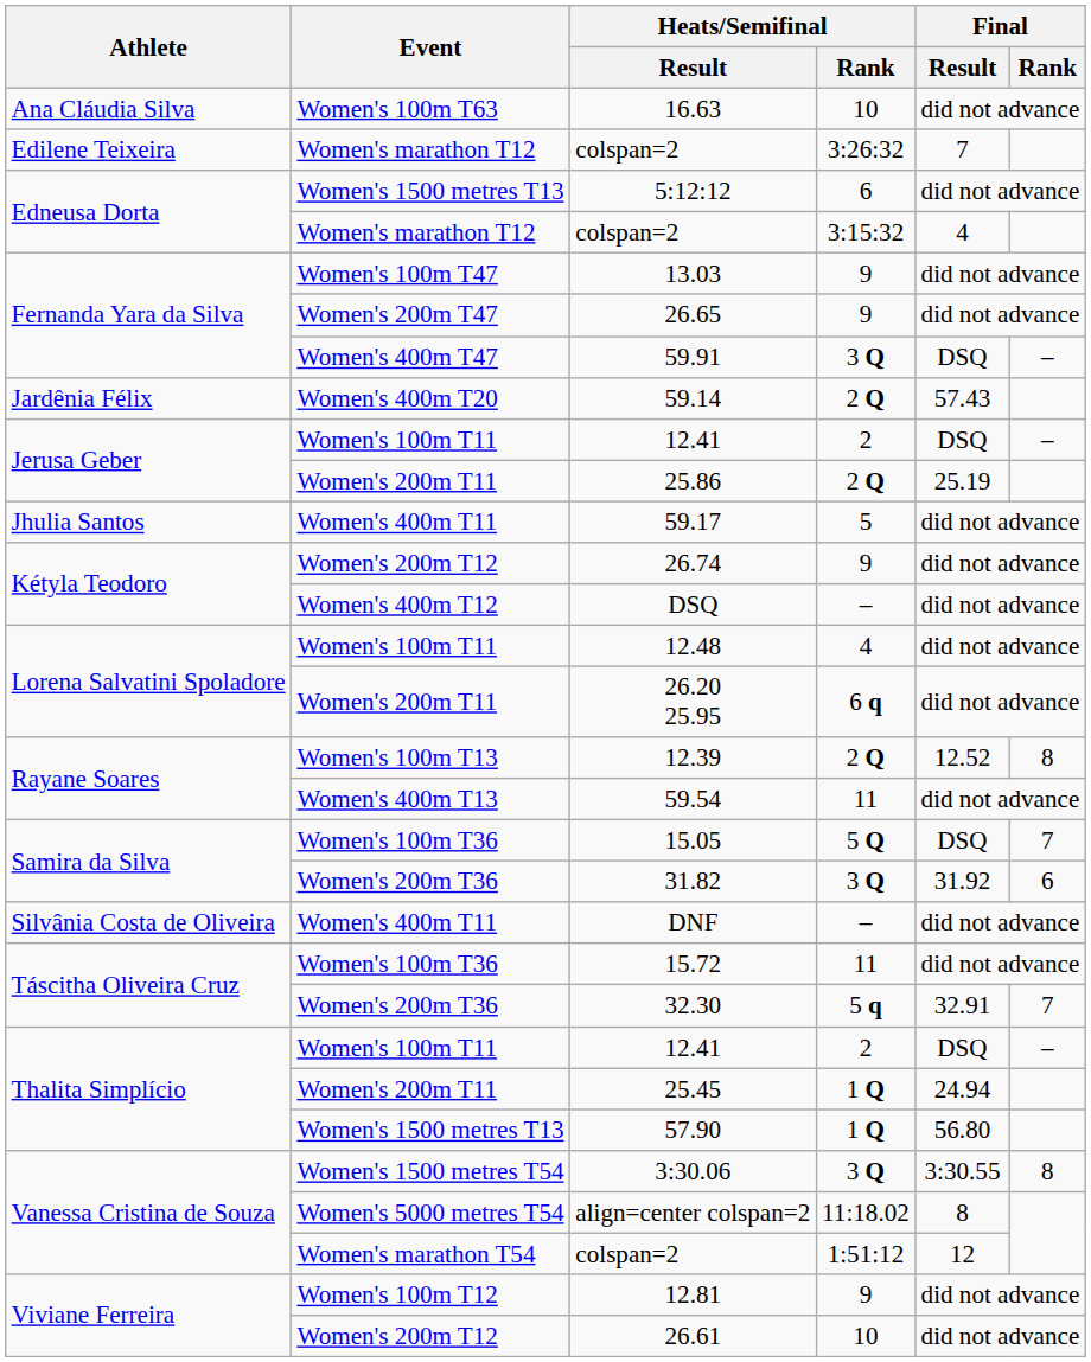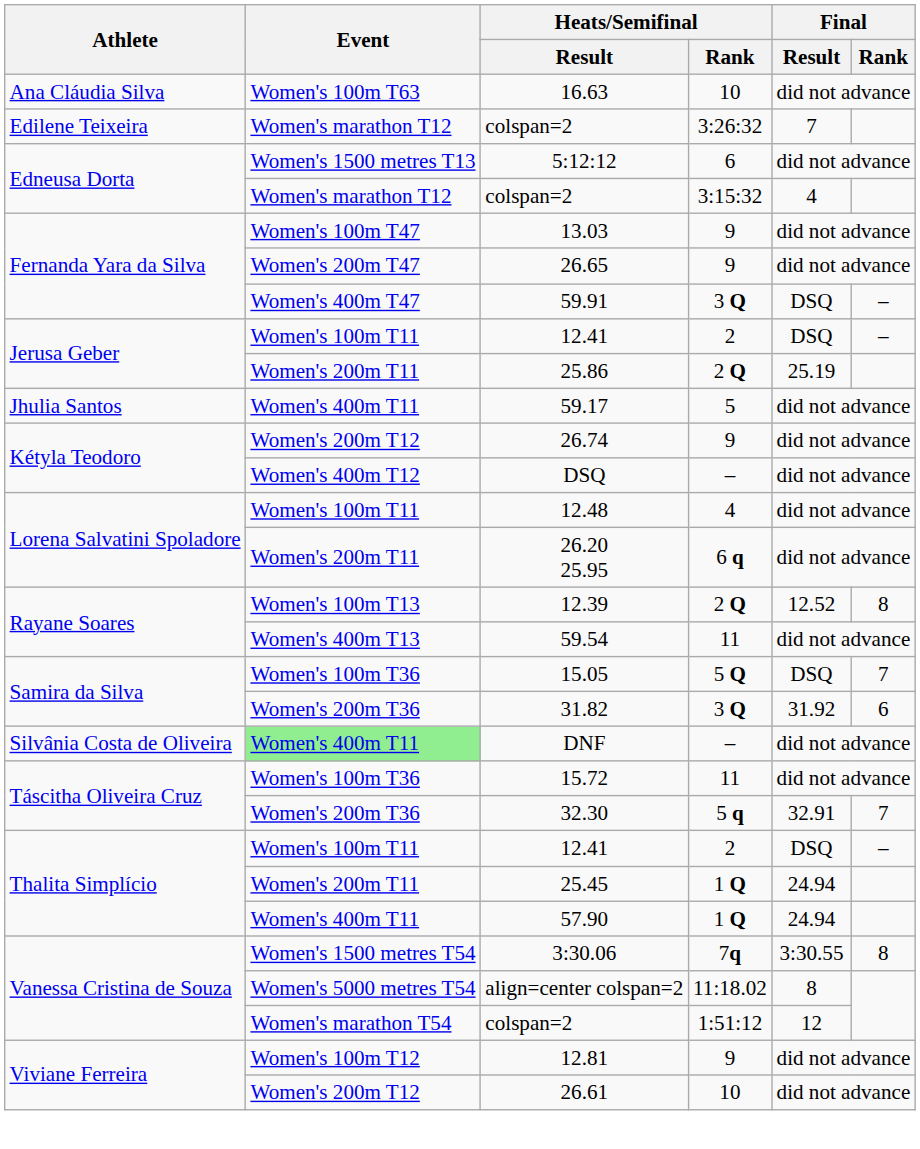 <table class=wikitable style="font-size:95%">
 <tr>
 <th rowspan="2">Athlete</th>
 <th rowspan="2">Event</th>
 <th colspan="2">Heats/Semifinal</th>
 <th colspan="2">Final</th>
 </tr>
 <tr>
 <th>Result</th>
 <th>Rank</th>
 <th>Result</th>
 <th>Rank</th>
 </tr>
 <tr>
 <td><a href='#'>Ana Cláudia Silva</a></td>
 <td><a href='#'>Women's 100m T63</a></td>
 <td align=center>16.63</td>
 <td align=center>10</td>
 <td align=center colspan=2>did not advance</td>
 </tr>
 <tr>
 <td><a href='#'>Edilene Teixeira</a></td>
 <td><a href='#'>Women's marathon T12</a></td>
 <td>colspan=2 </td>
 <td align=center>3:26:32</td>
 <td align=center>7</td>
 </tr>
 <tr>
 <td rowspan=2><a href='#'>Edneusa Dorta</a></td>
 <td><a href='#'>Women's 1500 metres T13</a></td>
 <td align=center>5:12:12</td>
 <td align=center>6</td>
 <td align=center colspan=2>did not advance</td>
 </tr>
 <tr>
 <td><a href='#'>Women's marathon T12</a></td>
 <td>colspan=2 </td>
 <td align=center>3:15:32</td>
 <td align=center>4</td>
 </tr>
 <tr>
 <td rowspan=3><a href='#'>Fernanda Yara da Silva</a></td>
 <td><a href='#'>Women's 100m T47</a></td>
 <td align=center>13.03</td>
 <td align=center>9</td>
 <td align=center colspan=2>did not advance</td>
 </tr>
 <tr>
 <td><a href='#'>Women's 200m T47</a></td>
 <td align=center>26.65</td>
 <td align=center>9</td>
 <td align=center colspan=2>did not advance</td>
 </tr>
 <tr>
 <td><a href='#'>Women's 400m T47</a></td>
 <td align=center>59.91</td>
 <td align=center>3 <strong>Q</strong></td>
 <td align=center>DSQ</td>
 <td align=center>–</td>
-</tr>
-<tr>
-<td><a href='#'>Jardênia Félix</a></td>
-<td><a href='#'>Women's 400m T20</a></td>
-<td align=center>59.14</td>
-<td align=center>2 <strong>Q</strong></td>
-<td align=center>57.43</td>
-<td align=center></td>
 </tr>
 <tr>
 <td rowspan=2><a href='#'>Jerusa Geber</a></td>
 <td><a href='#'>Women's 100m T11</a></td>
 <td align=center>12.41</td>
 <td align=center>2</td>
 <td align=center>DSQ</td>
 <td align=center>–</td>
 </tr>
 <tr>
 <td><a href='#'>Women's 200m T11</a></td>
 <td align=center>25.86</td>
 <td align=center>2 <strong>Q</strong></td>
 <td align=center>25.19</td>
 <td align=center></td>
 </tr>
 <tr>
 <td><a href='#'>Jhulia Santos</a></td>
 <td><a href='#'>Women's 400m T11</a></td>
 <td align=center>59.17</td>
 <td align=center>5</td>
 <td align=center colspan=2>did not advance</td>
 </tr>
 <tr>
 <td rowspan=2><a href='#'>Kétyla Teodoro</a></td>
 <td><a href='#'>Women's 200m T12</a></td>
 <td align=center>26.74</td>
 <td align=center>9</td>
 <td align=center colspan=2>did not advance</td>
 </tr>
 <tr>
 <td><a href='#'>Women's 400m T12</a></td>
 <td align=center>DSQ</td>
 <td align=center>–</td>
 <td align=center colspan=2>did not advance</td>
 </tr>
 <tr>
 <td rowspan=2><a href='#'>Lorena Salvatini Spoladore</a></td>
 <td><a href='#'>Women's 100m T11</a></td>
 <td align=center>12.48</td>
 <td align=center>4</td>
 <td align=center colspan=2>did not advance</td>
 </tr>
 <tr>
 <td><a href='#'>Women's 200m T11</a></td>
 <td align=center>26.20<br>25.95</td>
 <td align=center>6 <strong>q</strong><br></td>
 <td align=center colspan=2>did not advance</td>
 </tr>
 <tr>
 <td rowspan=2><a href='#'>Rayane Soares</a></td>
 <td><a href='#'>Women's 100m T13</a></td>
 <td align=center>12.39</td>
 <td align=center>2 <strong>Q</strong></td>
 <td align=center>12.52</td>
 <td align=center>8</td>
 </tr>
 <tr>
 <td><a href='#'>Women's 400m T13</a></td>
 <td align=center>59.54</td>
 <td align=center>11</td>
 <td align=center colspan=2>did not advance</td>
 </tr>
 <tr>
 <td rowspan=2><a href='#'>Samira da Silva</a></td>
 <td><a href='#'>Women's 100m T36</a></td>
 <td align=center>15.05</td>
 <td align=center>5 <strong>Q</strong></td>
 <td align=center>DSQ</td>
 <td align=center>7</td>
 </tr>
 <tr>
 <td><a href='#'>Women's 200m T36</a></td>
 <td align=center>31.82</td>
 <td align=center>3 <strong>Q</strong></td>
 <td align=center>31.92</td>
 <td align=center>6</td>
 </tr>
 <tr>
 <td><a href='#'>Silvânia Costa de Oliveira</a></td>
-<td><a href='#'>Women's 400m T11</a></td>
+<td style="background: lightgreen;"><a href='#'>Women's 400m T11</a></td>
 <td align=center>DNF</td>
 <td align=center>–</td>
 <td align=center colspan=2>did not advance</td>
 </tr>
 <tr>
 <td rowspan=2><a href='#'>Táscitha Oliveira Cruz</a></td>
 <td><a href='#'>Women's 100m T36</a></td>
 <td align=center>15.72</td>
 <td align=center>11</td>
 <td align=center colspan=2>did not advance</td>
 </tr>
 <tr>
 <td><a href='#'>Women's 200m T36</a></td>
 <td align=center>32.30</td>
 <td align=center>5 <strong>q</strong></td>
 <td align=center>32.91</td>
 <td align=center>7</td>
 </tr>
 <tr>
 <td rowspan=3><a href='#'>Thalita Simplício</a></td>
 <td><a href='#'>Women's 100m T11</a></td>
 <td align=center>12.41</td>
 <td align=center>2</td>
 <td align=center>DSQ</td>
 <td align=center>–</td>
 </tr>
 <tr>
 <td><a href='#'>Women's 200m T11</a></td>
 <td align=center>25.45</td>
 <td align=center>1 <strong>Q</strong></td>
 <td align=center>24.94</td>
 <td align=center></td>
 </tr>
 <tr>
-<td><a href='#'>Women's 1500 metres T13</a></td>
+<td><a href='#'>Women's 400m T11</a></td>
 <td align=center>57.90</td>
 <td align=center>1 <strong>Q</strong></td>
-<td align=center>56.80</td>
+<td align=center>24.94</td>
 <td align=center></td>
 </tr>
 <tr>
 <td rowspan=3><a href='#'>Vanessa Cristina de Souza</a></td>
 <td><a href='#'>Women's 1500 metres T54</a></td>
 <td align=center>3:30.06</td>
-<td align=center>3 <strong>Q</strong></td>
+<td align=center>7<strong>q</strong></td>
 <td align=center>3:30.55</td>
 <td align=center>8</td>
 </tr>
 <tr>
 <td><a href='#'>Women's 5000 metres T54</a></td>
 <td>align=center colspan=2 </td>
 <td align=center>11:18.02</td>
 <td align=center>8</td>
 </tr>
 <tr>
 <td><a href='#'>Women's marathon T54</a></td>
 <td>colspan=2 </td>
 <td align=center>1:51:12</td>
 <td align=center>12</td>
 </tr>
 <tr>
 <td rowspan=2><a href='#'>Viviane Ferreira</a></td>
 <td><a href='#'>Women's 100m T12</a></td>
 <td align=center>12.81</td>
 <td align=center>9</td>
 <td align=center colspan=2>did not advance</td>
 </tr>
 <tr>
 <td><a href='#'>Women's 200m T12</a></td>
 <td align=center>26.61</td>
 <td align=center>10</td>
 <td align=center colspan=2>did not advance</td>
 </tr>
 </table>
